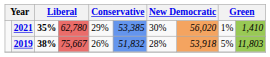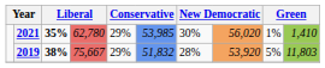 <table class="wikitable" style="float:right; width:400; font-size:90%; margin-left:1em;">
 <tr>
 <th colspan="2" scope="col">Year</th>
 <th colspan="2" scope="col"><a href='#'>Liberal</a></th>
 <th colspan="2" scope="col"><a href='#'>Conservative</a></th>
 <th colspan="2" scope="col"><a href='#'>New Democratic</a></th>
 <th colspan="2" scope="col"><a href='#'>Green</a></th>
 </tr>
 <tr>
 <td rowspan="2" style="width: 0.25em; background-color: "></td>
 <th><a href='#'>2021</a></th>
 <td><strong>35%</strong></td>
 <td style="text-align:right; background:#EA6D6A;"><em>62,780</em></td>
 <td>29%</td>
-<td style="text-align:right; background:#6495ED;"><em>53,385</em></td>
+<td style="text-align:right; background:#6495ED;"><em>53,985</em></td>
 <td>30%</td>
 <td style="text-align:right; background:#F4A460;"><em>56,020</em></td>
 <td>1%</td>
 <td style="text-align:right; background:#99C955;"><em>1,410</em></td>
 </tr>
 <tr>
 <th><a href='#'>2019</a></th>
 <td><strong>38%</strong></td>
 <td style="text-align:right; background:#EA6D6A;"><em>75,667</em></td>
-<td>26%</td>
+<td>29%</td>
 <td style="text-align:right; background:#6495ED;"><em>51,832</em></td>
 <td>28%</td>
-<td style="text-align:right; background:#F4A460;"><em>53,918</em></td>
+<td style="text-align:right; background:#F4A460;"><em>53,920</em></td>
 <td>5%</td>
 <td style="text-align:right; background:#99C955;"><em>11,803</em></td>
 </tr>
 <tr>
 </tr>
 </table>
